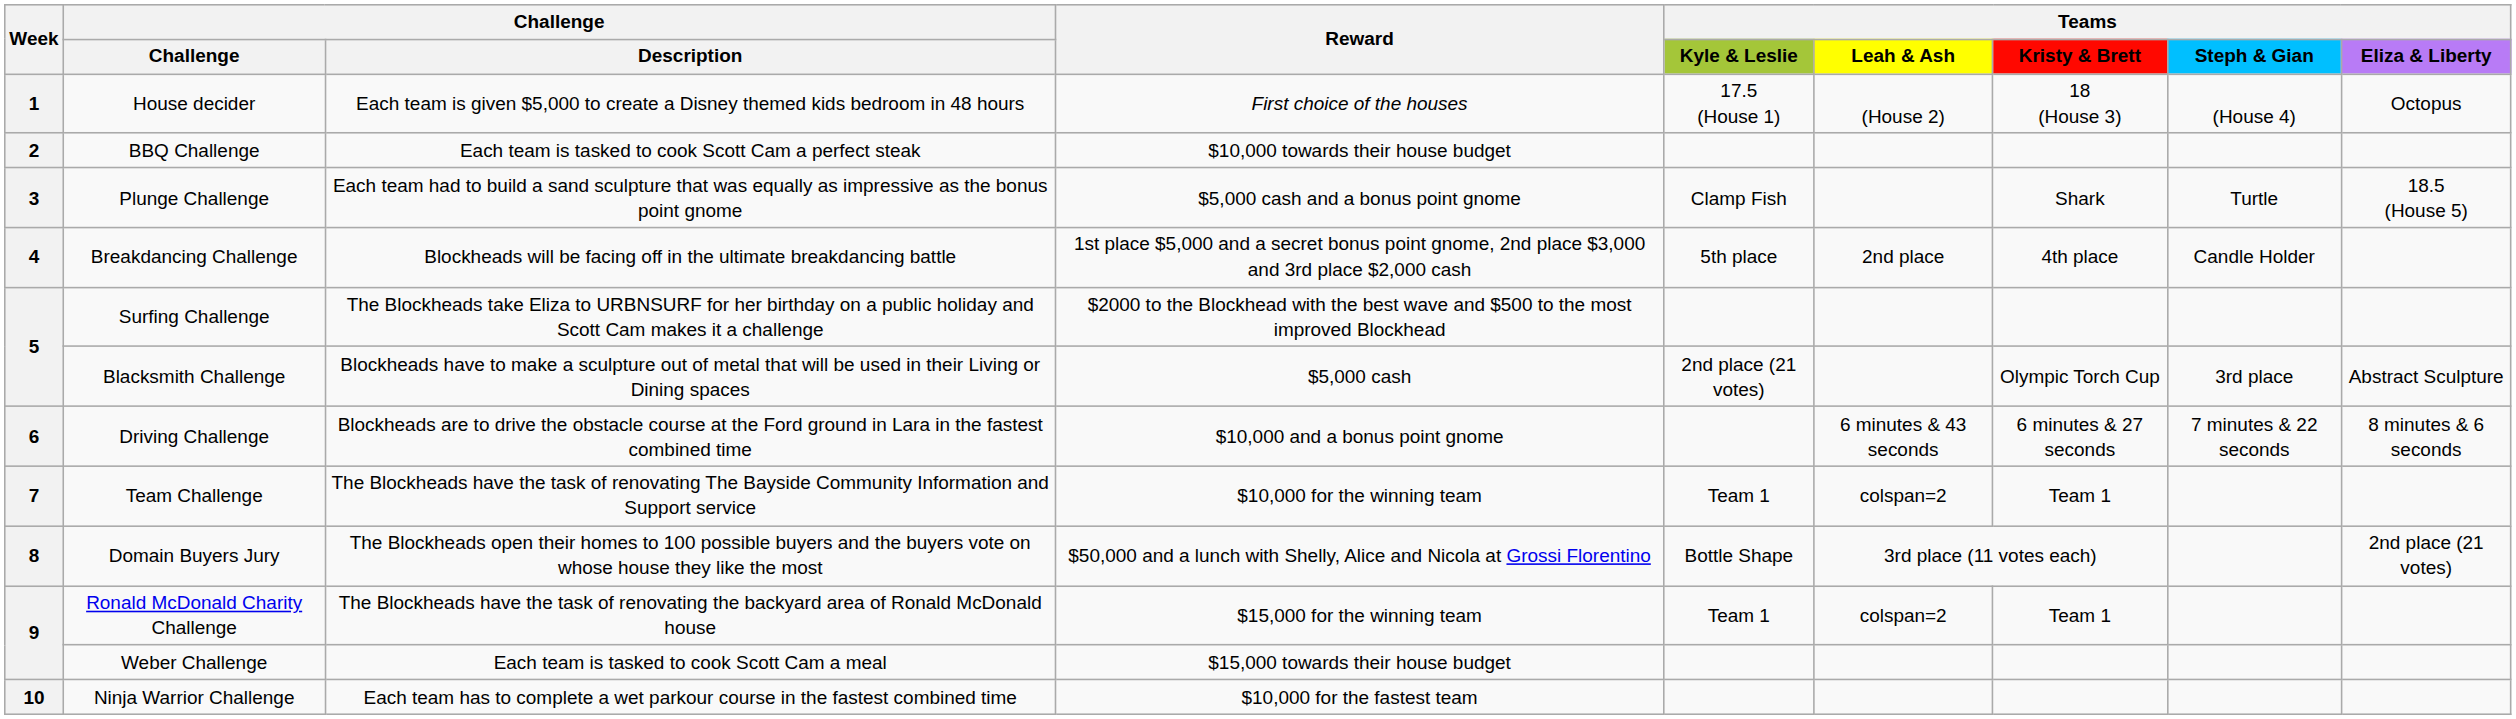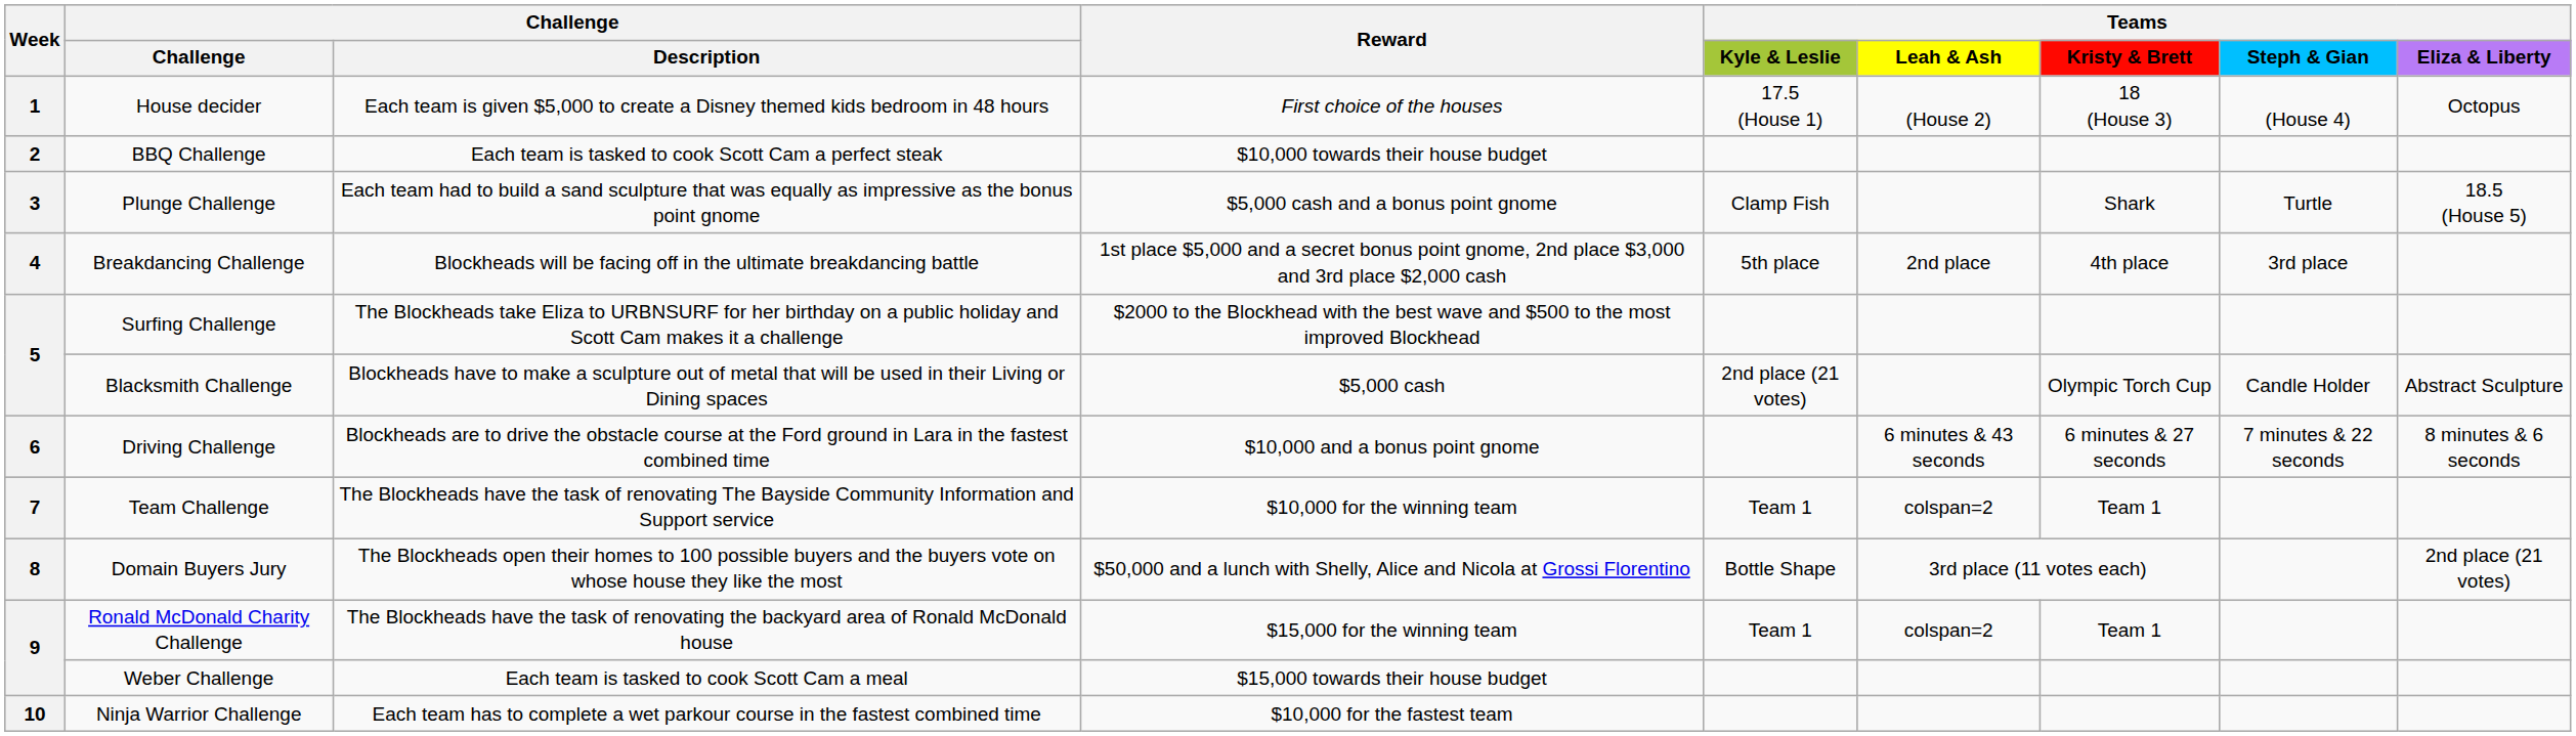 <table class="wikitable" style="text-align: center; font-size: 9pt; line-height:16px; width:80%">
 <tr>
 <th scope="col" rowspan="2">Week</th>
 <th scope="col" colspan="2">Challenge</th>
 <th scope="col" rowspan="2">Reward</th>
 <th scope="col" colspan="5">Teams</th>
 </tr>
 <tr>
 <th scope="col">Challenge</th>
 <th scope="col">Description</th>
 <th style="background:#A4C639; color:black;">Kyle & Leslie</th>
 <th style="background:yellow; color:black;">Leah & Ash</th>
 <th style="background:#FF0800; color:black;">Kristy & Brett</th>
 <th style="background:#00BFFF; color:black;">Steph & Gian</th>
 <th style="background:#B87BF6; color:black;">Eliza & Liberty</th>
 </tr>
 <tr>
 <th>1</th>
 <td>House decider</td>
 <td>Each team is given $5,000 to create a Disney themed kids bedroom in 48 hours</td>
 <td><em>First choice of the houses</em></td>
 <td>17.5<br>(House 1)</td>
 <td><br>(House 2)</td>
 <td>18<br>(House 3)</td>
 <td><br>(House 4)</td>
 <td>Octopus</td>
 </tr>
 <tr>
 <th>2</th>
 <td>BBQ Challenge</td>
 <td>Each team is tasked to cook Scott Cam a perfect steak</td>
 <td>$10,000 towards their house budget</td>
 <td></td>
 <td></td>
 <td></td>
 <td></td>
 <td></td>
 </tr>
 <tr>
 <th>3</th>
 <td>Plunge Challenge</td>
 <td>Each team had to build a sand sculpture that was equally as impressive as the bonus point gnome</td>
 <td>$5,000 cash and a bonus point gnome</td>
 <td>Clamp Fish</td>
 <td></td>
 <td>Shark</td>
 <td>Turtle</td>
 <td>18.5<br>(House 5)</td>
 </tr>
 <tr>
 <th>4</th>
 <td>Breakdancing Challenge</td>
 <td>Blockheads will be facing off in the ultimate breakdancing battle</td>
 <td>1st place $5,000 and a secret bonus point gnome, 2nd place $3,000 and 3rd place $2,000 cash</td>
 <td>5th place</td>
 <td>2nd place</td>
 <td>4th place</td>
-<td>Candle Holder</td>
+<td>3rd place</td>
 <td></td>
 </tr>
 <tr>
 <th rowspan="2">5</th>
 <td>Surfing Challenge</td>
 <td>The Blockheads take Eliza to URBNSURF for her birthday on a public holiday and Scott Cam makes it a challenge</td>
 <td>$2000 to the Blockhead with the best wave and $500 to the most improved Blockhead</td>
 <td></td>
 <td></td>
 <td></td>
 <td></td>
 <td></td>
 </tr>
 <tr>
 <td>Blacksmith Challenge</td>
 <td>Blockheads have to make a sculpture out of metal that will be used in their Living or Dining spaces</td>
 <td>$5,000 cash</td>
 <td>2nd place (21 votes)</td>
 <td></td>
 <td>Olympic Torch Cup</td>
-<td>3rd place</td>
+<td>Candle Holder</td>
 <td>Abstract Sculpture</td>
 </tr>
 <tr>
 <th>6</th>
 <td>Driving Challenge</td>
 <td>Blockheads are to drive the obstacle course at the Ford ground in Lara in the fastest combined time</td>
 <td>$10,000 and a bonus point gnome</td>
 <td></td>
 <td>6 minutes & 43 seconds</td>
 <td>6 minutes & 27 seconds</td>
 <td>7 minutes & 22 seconds</td>
 <td>8 minutes & 6 seconds</td>
 </tr>
 <tr>
 <th>7</th>
 <td>Team Challenge</td>
 <td>The Blockheads have the task of renovating The Bayside Community Information and Support service</td>
 <td>$10,000 for the winning team</td>
 <td>Team 1</td>
 <td>colspan=2 </td>
 <td>Team 1</td>
 <td></td>
 </tr>
 <tr>
 <th>8</th>
 <td>Domain Buyers Jury</td>
 <td>The Blockheads open their homes to 100 possible buyers and the buyers vote on whose house they like the most</td>
 <td>$50,000 and a lunch with Shelly, Alice and Nicola at <a href='#'>Grossi Florentino</a></td>
 <td>Bottle Shape</td>
 <td colspan="2">3rd place (11 votes each)</td>
 <td></td>
 <td>2nd place (21 votes)</td>
 </tr>
 <tr>
 <th rowspan="2">9</th>
 <td><a href='#'>Ronald McDonald Charity</a> Challenge</td>
 <td>The Blockheads have the task of renovating the backyard area of Ronald McDonald house</td>
 <td>$15,000 for the winning team</td>
 <td>Team 1</td>
 <td>colspan=2 </td>
 <td>Team 1</td>
 <td></td>
 </tr>
 <tr>
 <td>Weber Challenge</td>
 <td>Each team is tasked to cook Scott Cam a meal</td>
 <td>$15,000 towards their house budget</td>
 <td></td>
 <td></td>
 <td></td>
 <td></td>
 <td></td>
 </tr>
 <tr>
 <th>10</th>
 <td>Ninja Warrior Challenge</td>
 <td>Each team has to complete a wet parkour course in the fastest combined time</td>
 <td>$10,000 for the fastest team</td>
 <td></td>
 <td></td>
 <td></td>
 <td></td>
 <td></td>
 </tr>
 </table>
